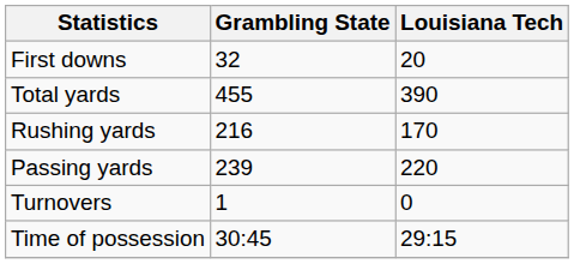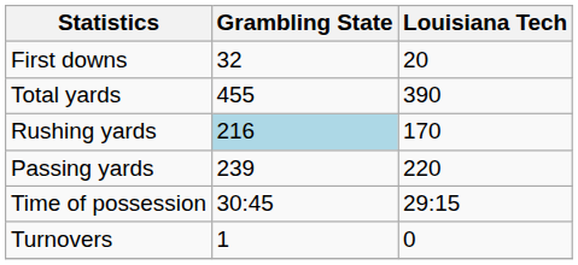 <table class="wikitable">
 <tr>
 <th>Statistics</th>
 <th>Grambling State</th>
 <th>Louisiana Tech</th>
 </tr>
 <tr>
 <td>First downs</td>
 <td>32</td>
 <td>20</td>
 </tr>
 <tr>
 <td>Total yards</td>
 <td>455</td>
 <td>390</td>
 </tr>
 <tr>
 <td>Rushing yards</td>
-<td>216</td>
+<td style="background: lightblue;">216</td>
 <td>170</td>
 </tr>
 <tr>
 <td>Passing yards</td>
 <td>239</td>
 <td>220</td>
 </tr>
 <tr>
+<td>Time of possession</td>
+<td>30:45</td>
+<td>29:15</td>
+</tr>
+<tr>
 <td>Turnovers</td>
 <td>1</td>
 <td>0</td>
 </tr>
 <tr>
-<td>Time of possession</td>
-<td>30:45</td>
-<td>29:15</td>
-</tr>
-<tr>
 </tr>
 </table>
